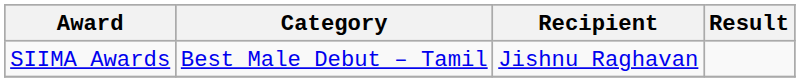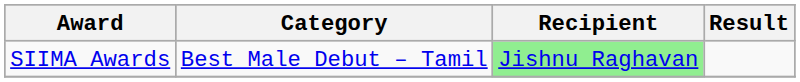 <table class="wikitable sortable">
 <tr>
 <th>Award</th>
 <th>Category</th>
 <th>Recipient</th>
 <th>Result</th>
 </tr>
 <tr>
 <td><a href='#'>SIIMA Awards</a></td>
 <td><a href='#'>Best Male Debut – Tamil</a></td>
-<td><a href='#'>Jishnu Raghavan</a></td>
+<td style="background: lightgreen;"><a href='#'>Jishnu Raghavan</a></td>
 <td></td>
 </tr>
 <tr>
 </tr>
 </table>
